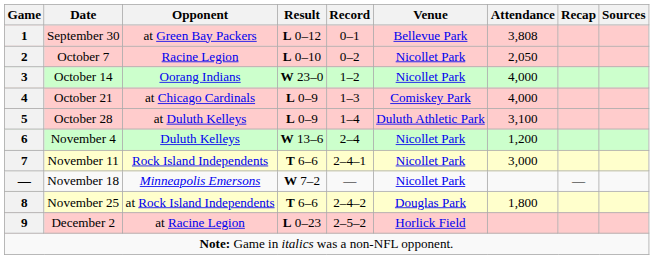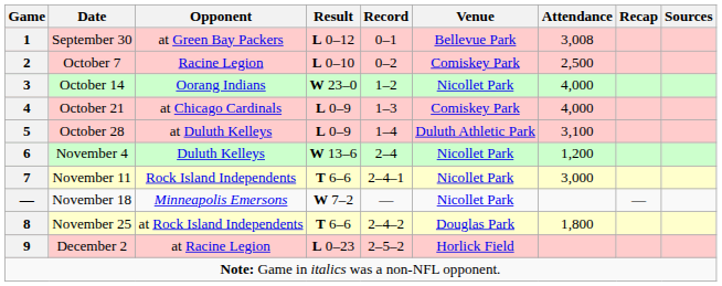 <table class="wikitable" style="text-align:center">
 <tr>
 <th>Game</th>
 <th>Date</th>
 <th>Opponent</th>
 <th>Result</th>
 <th>Record</th>
 <th>Venue</th>
 <th>Attendance</th>
 <th>Recap</th>
 <th>Sources</th>
 </tr>
 <tr style="background:#fcc">
 <th>1</th>
 <td>September 30</td>
 <td>at <a href='#'>Green Bay Packers</a></td>
 <td><strong>L</strong> 0–12</td>
 <td>0–1</td>
 <td><a href='#'>Bellevue Park</a></td>
-<td>3,808 </td>
+<td>3,008 </td>
 <td></td>
 <td></td>
 </tr>
 <tr style="background:#fcc">
 <th>2</th>
 <td>October 7</td>
 <td><a href='#'>Racine Legion</a></td>
 <td><strong>L</strong> 0–10</td>
 <td>0–2</td>
-<td><a href='#'>Nicollet Park</a></td>
-<td>2,050</td>
+<td><a href='#'>Comiskey Park</a></td>
+<td>2,500</td>
 <td></td>
 <td></td>
 </tr>
 <tr style="background:#cfc">
 <th>3</th>
 <td>October 14</td>
 <td><a href='#'>Oorang Indians</a></td>
 <td><strong>W</strong> 23–0</td>
 <td>1–2</td>
 <td><a href='#'>Nicollet Park</a></td>
 <td>4,000</td>
 <td></td>
 <td></td>
 </tr>
 <tr style="background:#fcc">
 <th>4</th>
 <td>October 21</td>
 <td>at <a href='#'>Chicago Cardinals</a></td>
 <td><strong>L</strong> 0–9</td>
 <td>1–3</td>
 <td><a href='#'>Comiskey Park</a></td>
 <td>4,000</td>
 <td></td>
 <td></td>
 </tr>
 <tr style="background:#fcc">
 <th>5</th>
 <td>October 28</td>
 <td>at <a href='#'>Duluth Kelleys</a></td>
 <td><strong>L</strong> 0–9</td>
 <td>1–4</td>
 <td><a href='#'>Duluth Athletic Park</a></td>
 <td>3,100</td>
 <td></td>
 <td></td>
 </tr>
 <tr style="background:#cfc">
 <th>6</th>
 <td>November 4</td>
 <td><a href='#'>Duluth Kelleys</a></td>
 <td><strong>W</strong> 13–6</td>
 <td>2–4</td>
 <td><a href='#'>Nicollet Park</a></td>
 <td>1,200</td>
 <td></td>
 <td></td>
 </tr>
 <tr style="background:#ffc">
 <th>7</th>
 <td>November 11</td>
 <td><a href='#'>Rock Island Independents</a></td>
 <td><strong>T</strong> 6–6</td>
 <td>2–4–1</td>
 <td><a href='#'>Nicollet Park</a></td>
 <td>3,000</td>
 <td></td>
 <td></td>
 </tr>
 <tr>
 <th>—</th>
 <td>November 18</td>
 <td><em><a href='#'>Minneapolis Emersons</a></em></td>
 <td><strong>W</strong> 7–2</td>
 <td>—</td>
 <td><a href='#'>Nicollet Park</a></td>
 <td></td>
 <td>—</td>
 <td></td>
 </tr>
 <tr style="background:#ffc">
 <th>8</th>
 <td>November 25</td>
 <td>at <a href='#'>Rock Island Independents</a></td>
 <td><strong>T</strong> 6–6</td>
 <td>2–4–2</td>
 <td><a href='#'>Douglas Park</a></td>
 <td>1,800</td>
 <td></td>
 <td></td>
 </tr>
 <tr style="background:#fcc">
 <th>9</th>
 <td>December 2</td>
 <td>at <a href='#'>Racine Legion</a></td>
 <td><strong>L</strong> 0–23</td>
 <td>2–5–2</td>
 <td><a href='#'>Horlick Field</a></td>
 <td></td>
 <td></td>
 <td></td>
 </tr>
 <tr>
 <td colspan="10"><strong>Note:</strong> Game in <em>italics</em> was a non-NFL opponent.</td>
 </tr>
 </table>
